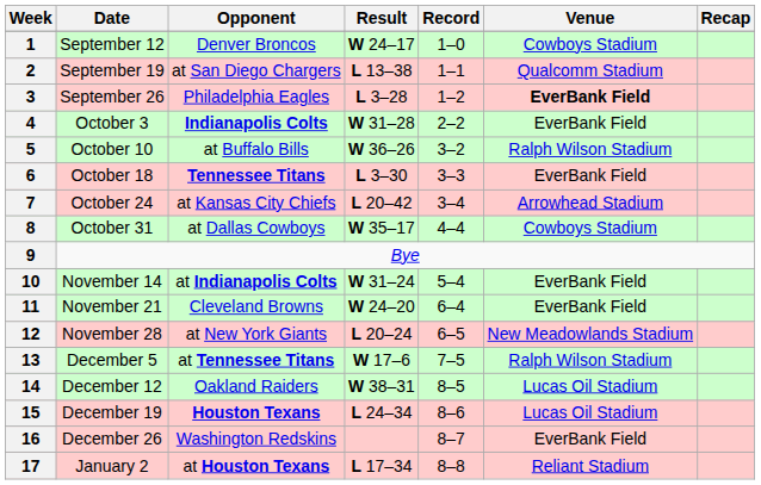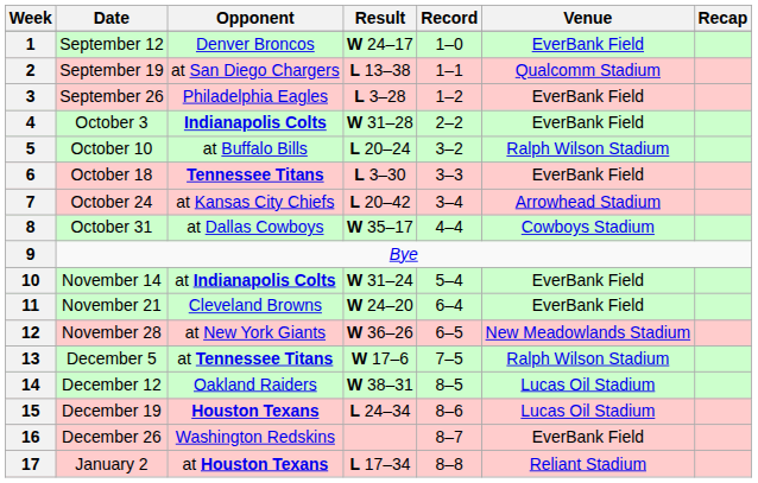 <table class="wikitable" style="text-align:center">
 <tr>
 <th>Week</th>
 <th>Date</th>
 <th>Opponent</th>
 <th>Result</th>
 <th>Record</th>
 <th>Venue</th>
 <th>Recap</th>
 </tr>
 <tr>
 </tr>
 <tr style="background:#cfc;">
 <th>1</th>
 <td>September 12</td>
 <td><a href='#'>Denver Broncos</a></td>
 <td align="center"><strong>W</strong> 24–17</td>
 <td>1–0</td>
-<td><a href='#'>Cowboys Stadium</a></td>
+<td><a href='#'>EverBank Field</a></td>
 <td></td>
 </tr>
 <tr style="background:#fcc">
 <th>2</th>
 <td>September 19</td>
 <td>at <a href='#'>San Diego Chargers</a></td>
 <td><strong>L</strong> 13–38</td>
 <td>1–1</td>
 <td><a href='#'>Qualcomm Stadium</a></td>
 <td></td>
 </tr>
 <tr style="background:#fcc">
 <th>3</th>
 <td>September 26</td>
 <td><a href='#'>Philadelphia Eagles</a></td>
 <td><strong>L</strong> 3–28</td>
 <td>1–2</td>
-<td><strong>EverBank Field</strong></td>
+<td>EverBank Field</td>
 <td></td>
 </tr>
 <tr style="background:#cfc;">
 <th>4</th>
 <td>October 3</td>
 <td><strong><a href='#'>Indianapolis Colts</a></strong></td>
 <td><strong>W</strong> 31–28</td>
 <td>2–2</td>
 <td>EverBank Field</td>
 <td></td>
 </tr>
 <tr style="background:#cfc;">
 <th>5</th>
 <td>October 10</td>
 <td>at <a href='#'>Buffalo Bills</a></td>
-<td><strong>W</strong> 36–26</td>
+<td><strong>L</strong> 20–24</td>
 <td>3–2</td>
 <td><a href='#'>Ralph Wilson Stadium</a></td>
 <td></td>
 </tr>
 <tr style="background:#fcc;">
 <th>6</th>
 <td>October 18</td>
 <td><strong><a href='#'>Tennessee Titans</a></strong></td>
 <td><strong>L</strong> 3–30</td>
 <td>3–3</td>
 <td>EverBank Field</td>
 <td></td>
 </tr>
 <tr style="background:#fcc;">
 <th>7</th>
 <td>October 24</td>
 <td>at <a href='#'>Kansas City Chiefs</a></td>
 <td><strong>L</strong> 20–42</td>
 <td>3–4</td>
 <td><a href='#'>Arrowhead Stadium</a></td>
 <td></td>
 </tr>
 <tr style="background:#cfc;">
 <th>8</th>
 <td>October 31</td>
 <td>at <a href='#'>Dallas Cowboys</a></td>
 <td><strong>W</strong> 35–17</td>
 <td>4–4</td>
 <td><a href='#'>Cowboys Stadium</a></td>
 <td></td>
 </tr>
 <tr>
 <th>9</th>
 <td colspan="8" align="center"><em><a href='#'>Bye</a></em></td>
 </tr>
 <tr style="background:#cfc;">
 <th>10</th>
 <td>November 14</td>
 <td>at <strong><a href='#'>Indianapolis Colts</a></strong></td>
 <td><strong>W</strong> 31–24</td>
 <td>5–4</td>
 <td>EverBank Field</td>
 <td></td>
 </tr>
 <tr style="background:#cfc;">
 <th>11</th>
 <td>November 21</td>
 <td><a href='#'>Cleveland Browns</a></td>
 <td><strong>W</strong> 24–20</td>
 <td>6–4</td>
 <td>EverBank Field</td>
 <td></td>
 </tr>
 <tr style="background:#fcc;">
 <th>12</th>
 <td>November 28</td>
 <td>at <a href='#'>New York Giants</a></td>
-<td><strong>L</strong> 20–24</td>
+<td><strong>W</strong> 36–26</td>
 <td>6–5</td>
 <td><a href='#'>New Meadowlands Stadium</a></td>
 <td></td>
 </tr>
 <tr style="background:#cfc;">
 <th>13</th>
 <td>December 5</td>
 <td>at <strong><a href='#'>Tennessee Titans</a></strong></td>
 <td><strong>W</strong> 17–6</td>
 <td>7–5</td>
 <td><a href='#'>Ralph Wilson Stadium</a></td>
 <td></td>
 </tr>
 <tr style="background:#cfc;">
 <th>14</th>
 <td>December 12</td>
 <td><a href='#'>Oakland Raiders</a></td>
 <td><strong>W</strong> 38–31</td>
 <td>8–5</td>
 <td><a href='#'>Lucas Oil Stadium</a></td>
 <td></td>
 </tr>
 <tr style="background:#fcc;">
 <th>15</th>
 <td>December 19</td>
 <td><strong><a href='#'>Houston Texans</a></strong></td>
 <td><strong>L</strong> 24–34</td>
 <td>8–6</td>
 <td><a href='#'>Lucas Oil Stadium</a></td>
 <td></td>
 </tr>
 <tr style="background:#fcc;">
 <th>16</th>
 <td>December 26</td>
 <td><a href='#'>Washington Redskins</a></td>
 <td></td>
 <td>8–7</td>
 <td>EverBank Field</td>
 <td></td>
 </tr>
 <tr style="background:#fcc;">
 <th>17</th>
 <td>January 2</td>
 <td>at <strong><a href='#'>Houston Texans</a></strong></td>
 <td><strong>L</strong> 17–34</td>
 <td>8–8</td>
 <td><a href='#'>Reliant Stadium</a></td>
 <td></td>
 </tr>
 </table>
